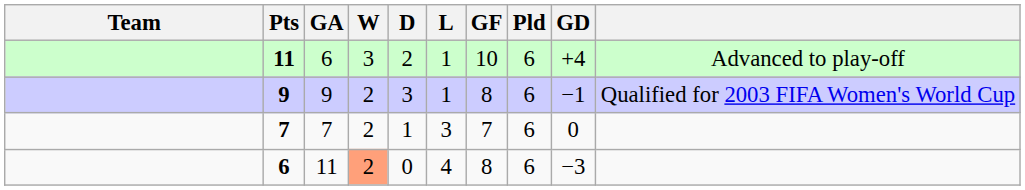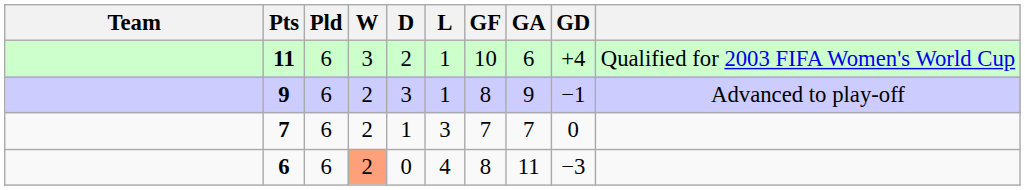 <table class="wikitable" style="text-align:center;">
 <tr>
 <th width=175>Team</th>
 <th width=20 abbr="Points">Pts</th>
-<th width=20 abbr="Goals against">GA</th>
+<th width=20 abbr="Played">Pld</th>
 <th width=20 abbr="Won">W</th>
 <th width=20 abbr="Drawn">D</th>
 <th width=20 abbr="Lost">L</th>
 <th width=20 abbr="Goals for">GF</th>
-<th width=20 abbr="Played">Pld</th>
+<th width=20 abbr="Goals against">GA</th>
 <th width=20 abbr="Goal difference">GD</th>
 <th></th>
 </tr>
 <tr bgcolor="#ccffcc">
 <td style="text-align:left;"></td>
 <td><strong>11</strong></td>
 <td>6</td>
 <td>3</td>
 <td>2</td>
 <td>1</td>
 <td>10</td>
 <td>6</td>
 <td>+4</td>
-<td>Advanced to play-off</td>
+<td>Qualified for <a href='#'>2003 FIFA Women's World Cup</a></td>
 </tr>
 <tr bgcolor="#ccccff">
 <td style="text-align:left;"></td>
 <td><strong>9</strong></td>
-<td>9</td>
+<td>6</td>
 <td>2</td>
 <td>3</td>
 <td>1</td>
 <td>8</td>
-<td>6</td>
+<td>9</td>
 <td>−1</td>
-<td>Qualified for <a href='#'>2003 FIFA Women's World Cup</a></td>
+<td>Advanced to play-off</td>
 </tr>
 <tr>
 <td style="text-align:left;"></td>
 <td><strong>7</strong></td>
-<td>7</td>
+<td>6</td>
 <td>2</td>
 <td>1</td>
 <td>3</td>
 <td>7</td>
-<td>6</td>
+<td>7</td>
 <td>0</td>
 <td></td>
 </tr>
 <tr>
 <td style="text-align:left;"></td>
 <td><strong>6</strong></td>
-<td>11</td>
+<td>6</td>
 <td style="background: lightsalmon;">2</td>
 <td>0</td>
 <td>4</td>
 <td>8</td>
-<td>6</td>
+<td>11</td>
 <td>−3</td>
 <td></td>
 </tr>
 </table>
